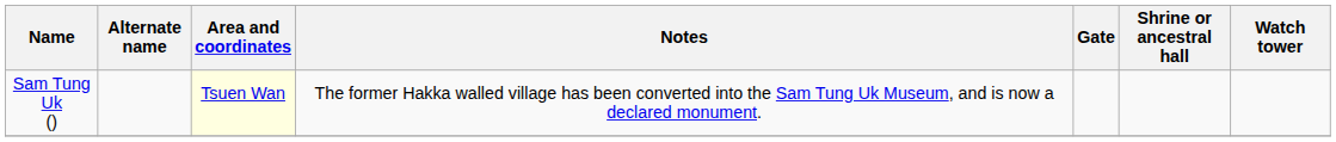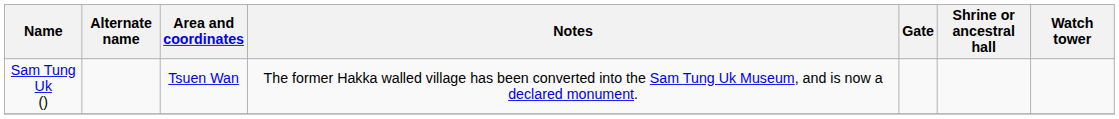 <table class="wikitable sortable" style="text-align:center" style="width:95%">
 <tr>
 <th style="width:80px;">Name</th>
 <th style="width:80px;">Alternate name</th>
 <th>Area and<br><a href='#'>coordinates</a></th>
 <th>Notes</th>
 <th>Gate</th>
 <th>Shrine or<br>ancestral hall</th>
 <th>Watch tower</th>
 </tr>
 <tr>
 <td style="text-align:center"><a href='#'>Sam Tung Uk</a><br>()</td>
 <td></td>
-<td style="background: lightyellow; text-align:center"><a href='#'>Tsuen Wan</a><br><br></td>
+<td style="text-align:center"><a href='#'>Tsuen Wan</a><br><br></td>
 <td>The former Hakka walled village has been converted into the <a href='#'>Sam Tung Uk Museum</a>, and is now a <a href='#'>declared monument</a>.</td>
 <td></td>
 <td></td>
 <td></td>
 </tr>
 <tr>
 </tr>
 </table>
